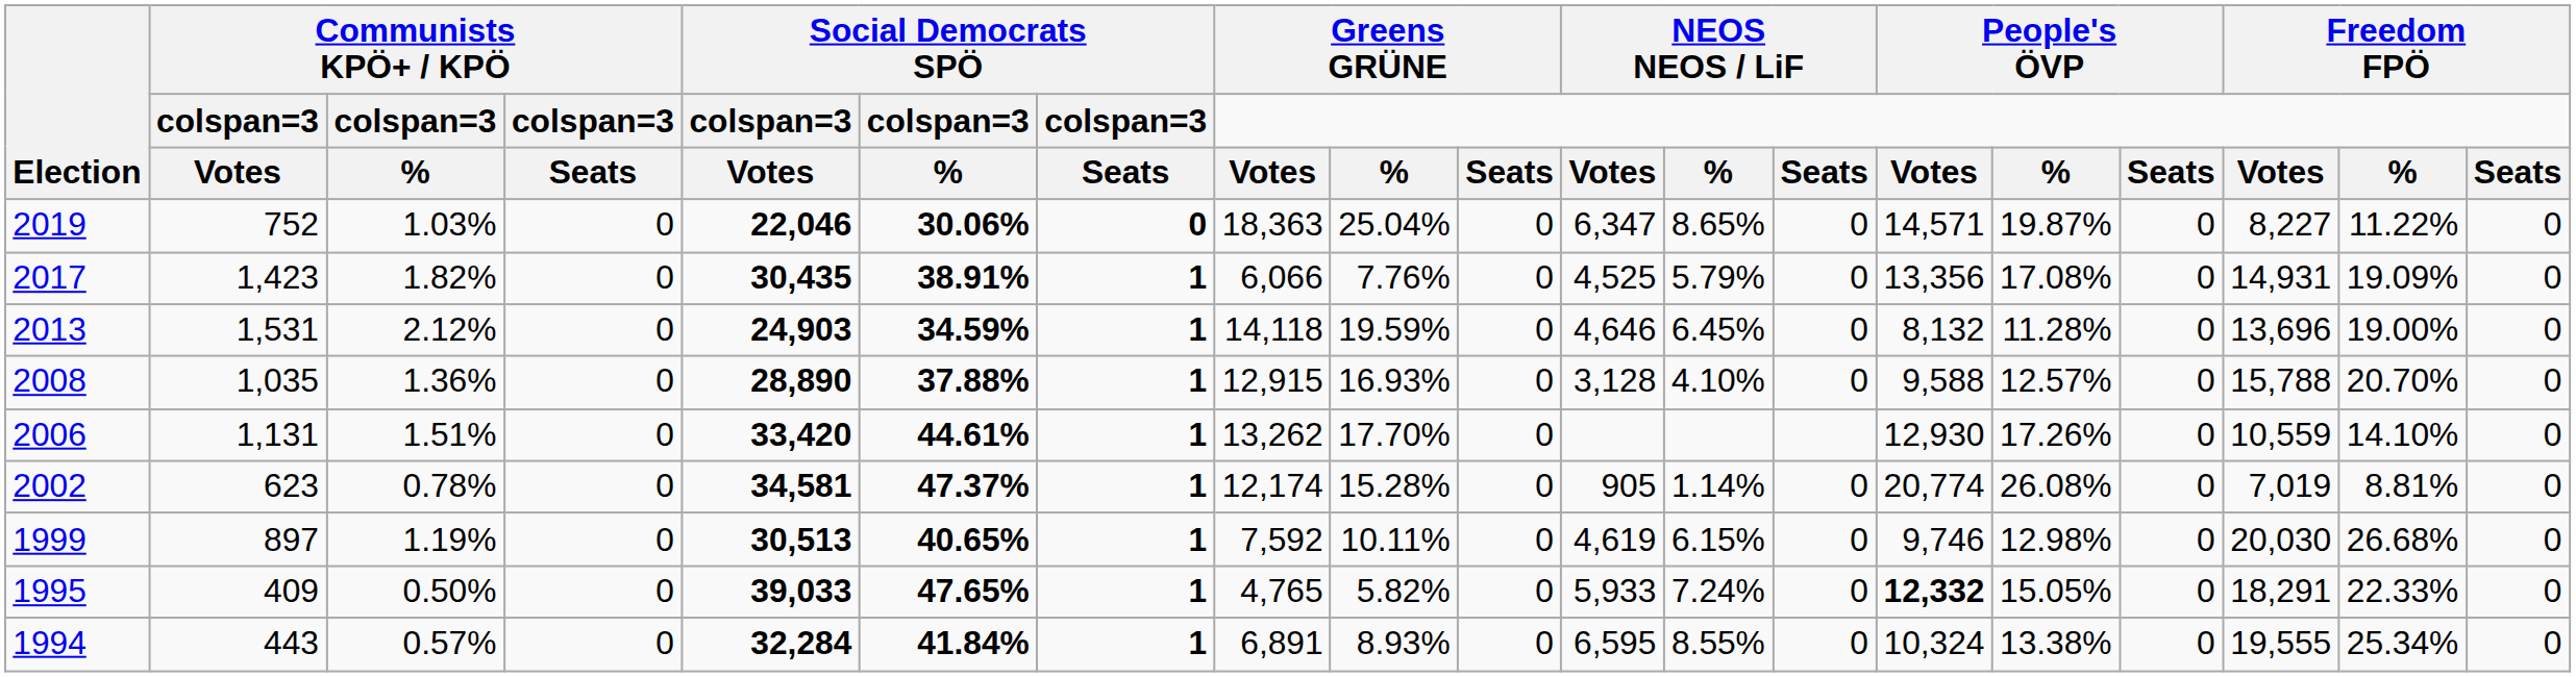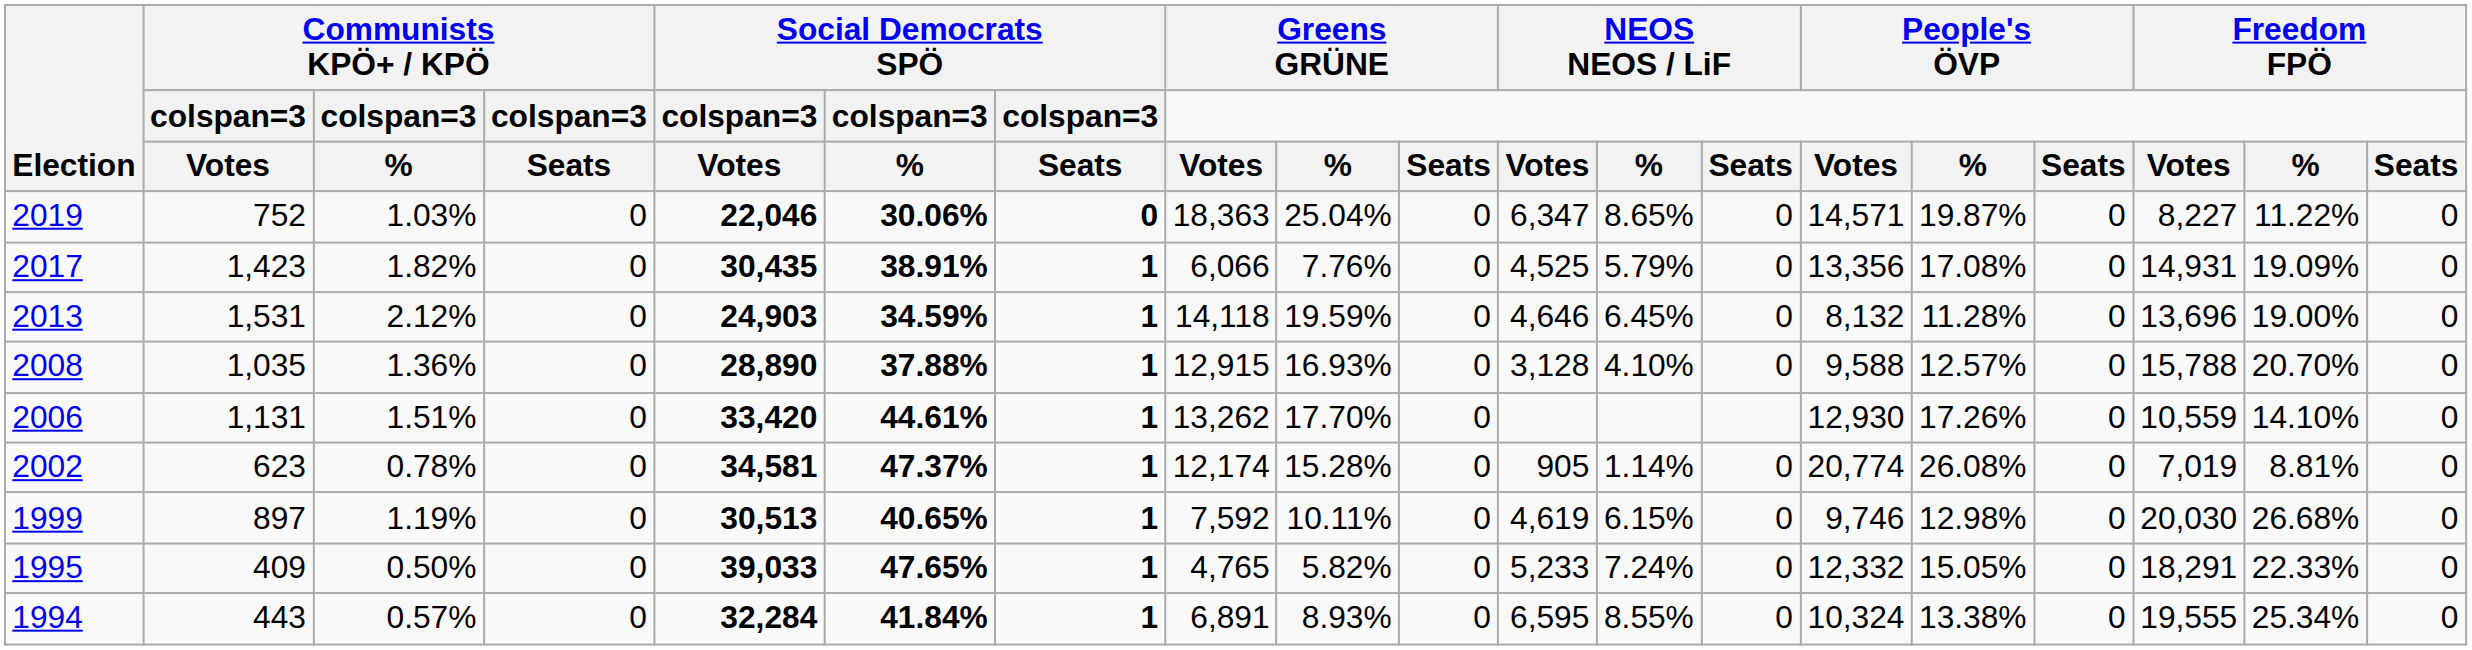 <table class="wikitable" border="1" style="font-size:100%; text-align:right;">
 <tr>
 <th style="text-align:left;" valign=bottom rowspan=3>Election</th>
 <th valign=bottom colspan=3><a href='#'>Communists</a><br>KPÖ+ / KPÖ</th>
 <th valign=bottom colspan=3><a href='#'>Social Democrats</a><br>SPÖ</th>
 <th valign=bottom colspan=3><a href='#'>Greens</a><br>GRÜNE</th>
 <th valign=bottom colspan=3><a href='#'>NEOS</a><br>NEOS / LiF</th>
 <th valign=bottom colspan=3><a href='#'>People's</a><br>ÖVP</th>
 <th valign=bottom colspan=3><a href='#'>Freedom</a><br>FPÖ</th>
 </tr>
 <tr>
 <th>colspan=3 </th>
 <th>colspan=3 </th>
 <th>colspan=3 </th>
 <th>colspan=3 </th>
 <th>colspan=3 </th>
 <th>colspan=3 </th>
 </tr>
 <tr>
 <th>Votes</th>
 <th>%</th>
 <th>Seats</th>
 <th>Votes</th>
 <th>%</th>
 <th>Seats</th>
 <th>Votes</th>
 <th>%</th>
 <th>Seats</th>
 <th>Votes</th>
 <th>%</th>
 <th>Seats</th>
 <th>Votes</th>
 <th>%</th>
 <th>Seats</th>
 <th>Votes</th>
 <th>%</th>
 <th>Seats</th>
 </tr>
 <tr>
 <td align=left><a href='#'>2019</a></td>
 <td>752</td>
 <td>1.03%</td>
 <td>0</td>
 <td><strong>22,046</strong></td>
 <td><strong>30.06%</strong></td>
 <td><strong>0</strong></td>
 <td>18,363</td>
 <td>25.04%</td>
 <td>0</td>
 <td>6,347</td>
 <td>8.65%</td>
 <td>0</td>
 <td>14,571</td>
 <td>19.87%</td>
 <td>0</td>
 <td>8,227</td>
 <td>11.22%</td>
 <td>0</td>
 </tr>
 <tr>
 <td align=left><a href='#'>2017</a></td>
 <td>1,423</td>
 <td>1.82%</td>
 <td>0</td>
 <td><strong>30,435</strong></td>
 <td><strong>38.91%</strong></td>
 <td><strong>1</strong></td>
 <td>6,066</td>
 <td>7.76%</td>
 <td>0</td>
 <td>4,525</td>
 <td>5.79%</td>
 <td>0</td>
 <td>13,356</td>
 <td>17.08%</td>
 <td>0</td>
 <td>14,931</td>
 <td>19.09%</td>
 <td>0</td>
 </tr>
 <tr>
 <td align=left><a href='#'>2013</a></td>
 <td>1,531</td>
 <td>2.12%</td>
 <td>0</td>
 <td><strong>24,903</strong></td>
 <td><strong>34.59%</strong></td>
 <td><strong>1</strong></td>
 <td>14,118</td>
 <td>19.59%</td>
 <td>0</td>
 <td>4,646</td>
 <td>6.45%</td>
 <td>0</td>
 <td>8,132</td>
 <td>11.28%</td>
 <td>0</td>
 <td>13,696</td>
 <td>19.00%</td>
 <td>0</td>
 </tr>
 <tr>
 <td align=left><a href='#'>2008</a></td>
 <td>1,035</td>
 <td>1.36%</td>
 <td>0</td>
 <td><strong>28,890</strong></td>
 <td><strong>37.88%</strong></td>
 <td><strong>1</strong></td>
 <td>12,915</td>
 <td>16.93%</td>
 <td>0</td>
 <td>3,128</td>
 <td>4.10%</td>
 <td>0</td>
 <td>9,588</td>
 <td>12.57%</td>
 <td>0</td>
 <td>15,788</td>
 <td>20.70%</td>
 <td>0</td>
 </tr>
 <tr>
 <td align=left><a href='#'>2006</a></td>
 <td>1,131</td>
 <td>1.51%</td>
 <td>0</td>
 <td><strong>33,420</strong></td>
 <td><strong>44.61%</strong></td>
 <td><strong>1</strong></td>
 <td>13,262</td>
 <td>17.70%</td>
 <td>0</td>
 <td></td>
 <td></td>
 <td></td>
 <td>12,930</td>
 <td>17.26%</td>
 <td>0</td>
 <td>10,559</td>
 <td>14.10%</td>
 <td>0</td>
 </tr>
 <tr>
 <td align=left><a href='#'>2002</a></td>
 <td>623</td>
 <td>0.78%</td>
 <td>0</td>
 <td><strong>34,581</strong></td>
 <td><strong>47.37%</strong></td>
 <td><strong>1</strong></td>
 <td>12,174</td>
 <td>15.28%</td>
 <td>0</td>
 <td>905</td>
 <td>1.14%</td>
 <td>0</td>
 <td>20,774</td>
 <td>26.08%</td>
 <td>0</td>
 <td>7,019</td>
 <td>8.81%</td>
 <td>0</td>
 </tr>
 <tr>
 <td align=left><a href='#'>1999</a></td>
 <td>897</td>
 <td>1.19%</td>
 <td>0</td>
 <td><strong>30,513</strong></td>
 <td><strong>40.65%</strong></td>
 <td><strong>1</strong></td>
 <td>7,592</td>
 <td>10.11%</td>
 <td>0</td>
 <td>4,619</td>
 <td>6.15%</td>
 <td>0</td>
 <td>9,746</td>
 <td>12.98%</td>
 <td>0</td>
 <td>20,030</td>
 <td>26.68%</td>
 <td>0</td>
 </tr>
 <tr>
 <td align=left><a href='#'>1995</a></td>
 <td>409</td>
 <td>0.50%</td>
 <td>0</td>
 <td><strong>39,033</strong></td>
 <td><strong>47.65%</strong></td>
 <td><strong>1</strong></td>
 <td>4,765</td>
 <td>5.82%</td>
 <td>0</td>
-<td>5,933</td>
+<td>5,233</td>
 <td>7.24%</td>
 <td>0</td>
-<td><strong>12,332</strong></td>
+<td>12,332</td>
 <td>15.05%</td>
 <td>0</td>
 <td>18,291</td>
 <td>22.33%</td>
 <td>0</td>
 </tr>
 <tr>
 <td align=left><a href='#'>1994</a></td>
 <td>443</td>
 <td>0.57%</td>
 <td>0</td>
 <td><strong>32,284</strong></td>
 <td><strong>41.84%</strong></td>
 <td><strong>1</strong></td>
 <td>6,891</td>
 <td>8.93%</td>
 <td>0</td>
 <td>6,595</td>
 <td>8.55%</td>
 <td>0</td>
 <td>10,324</td>
 <td>13.38%</td>
 <td>0</td>
 <td>19,555</td>
 <td>25.34%</td>
 <td>0</td>
 </tr>
 </table>
